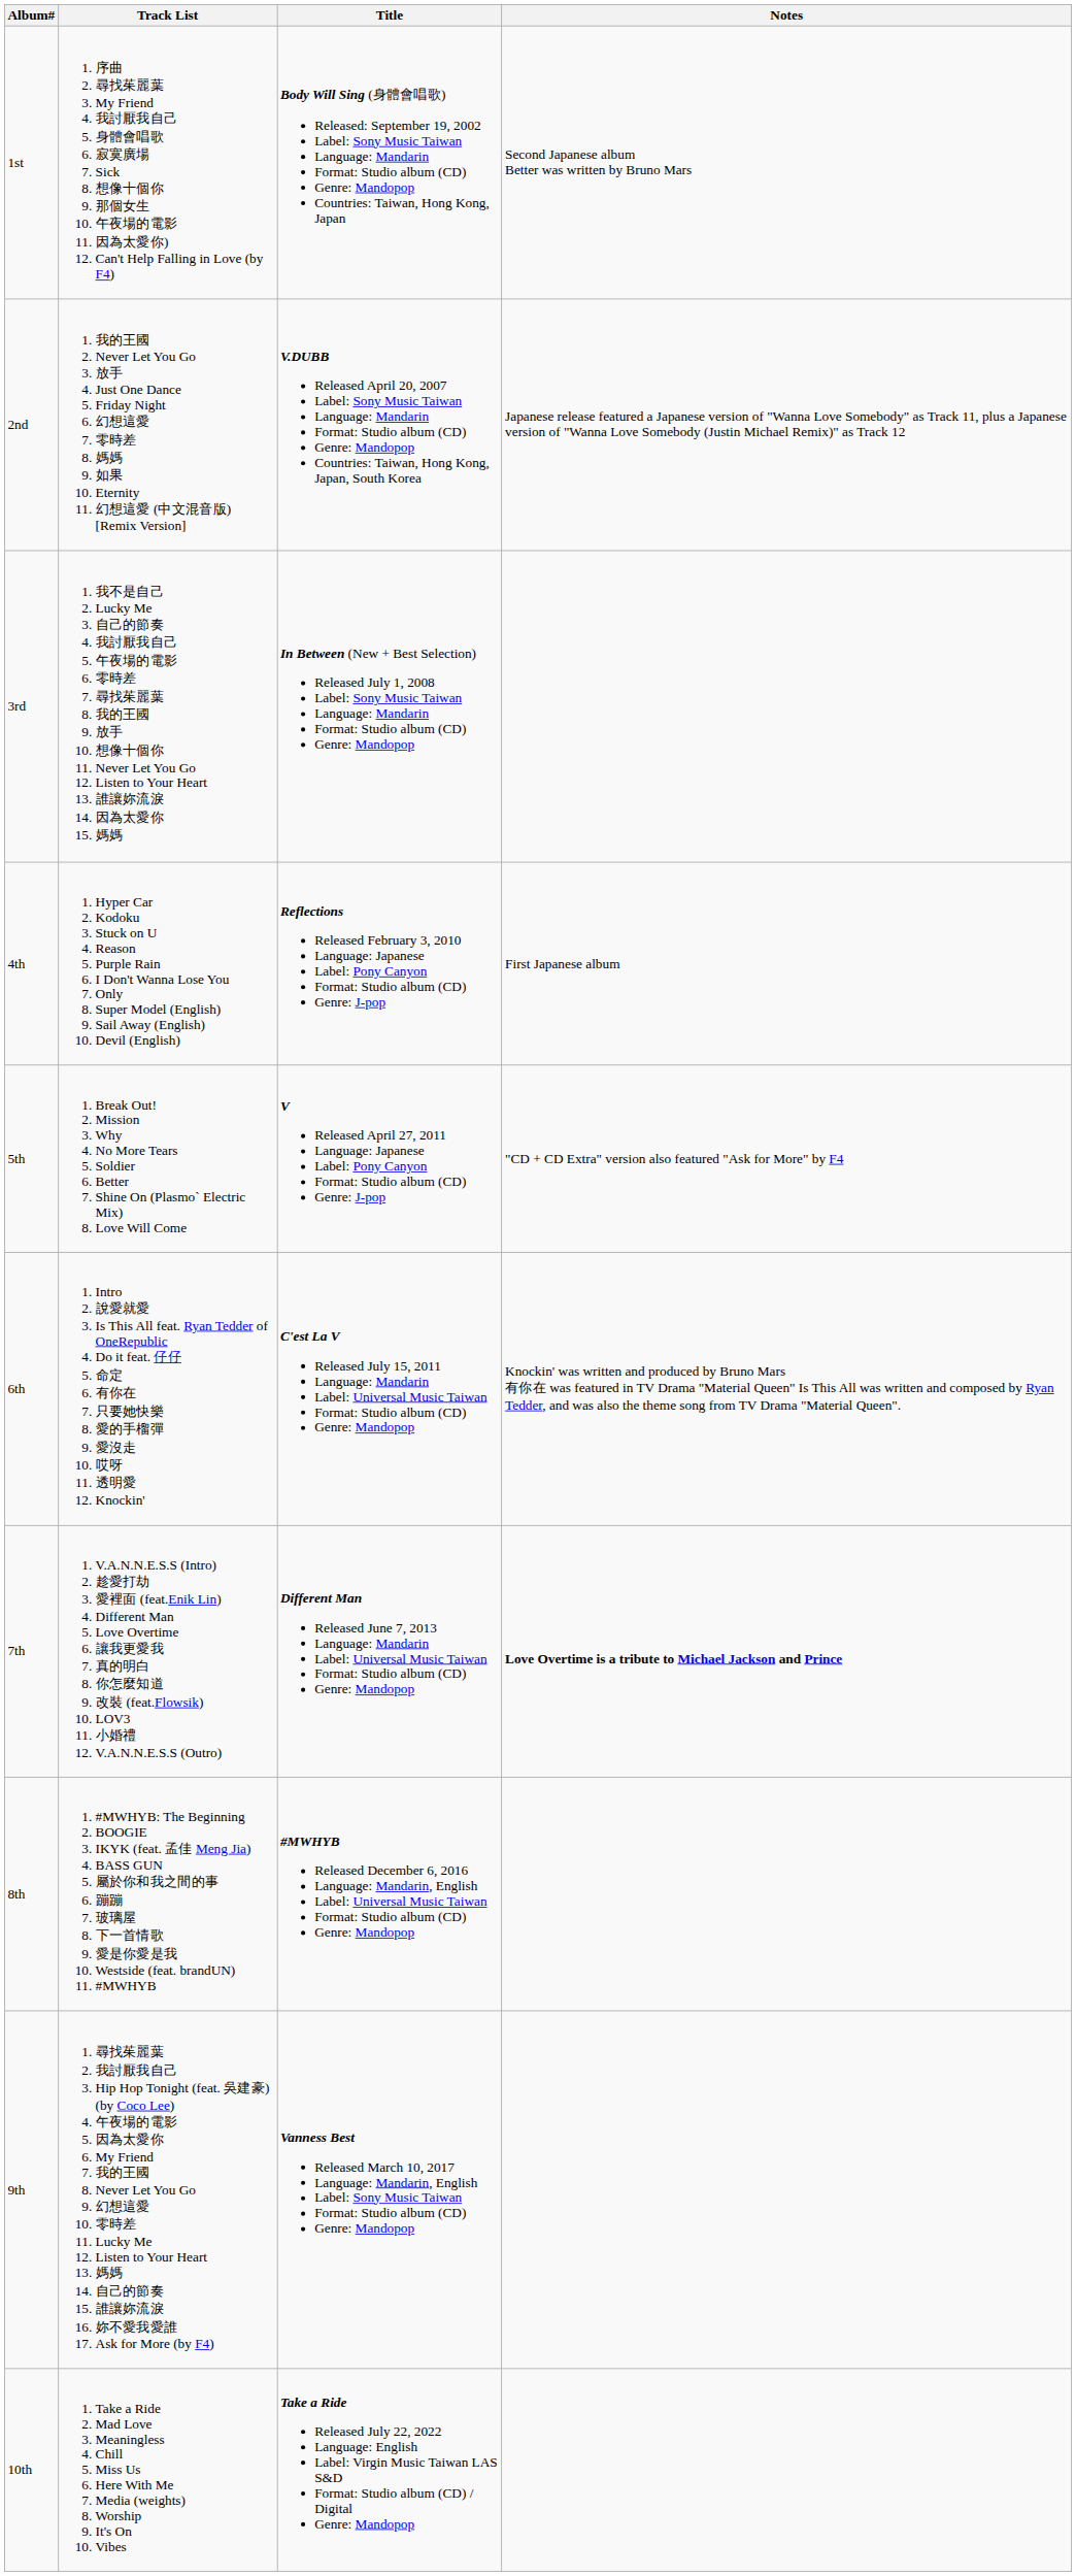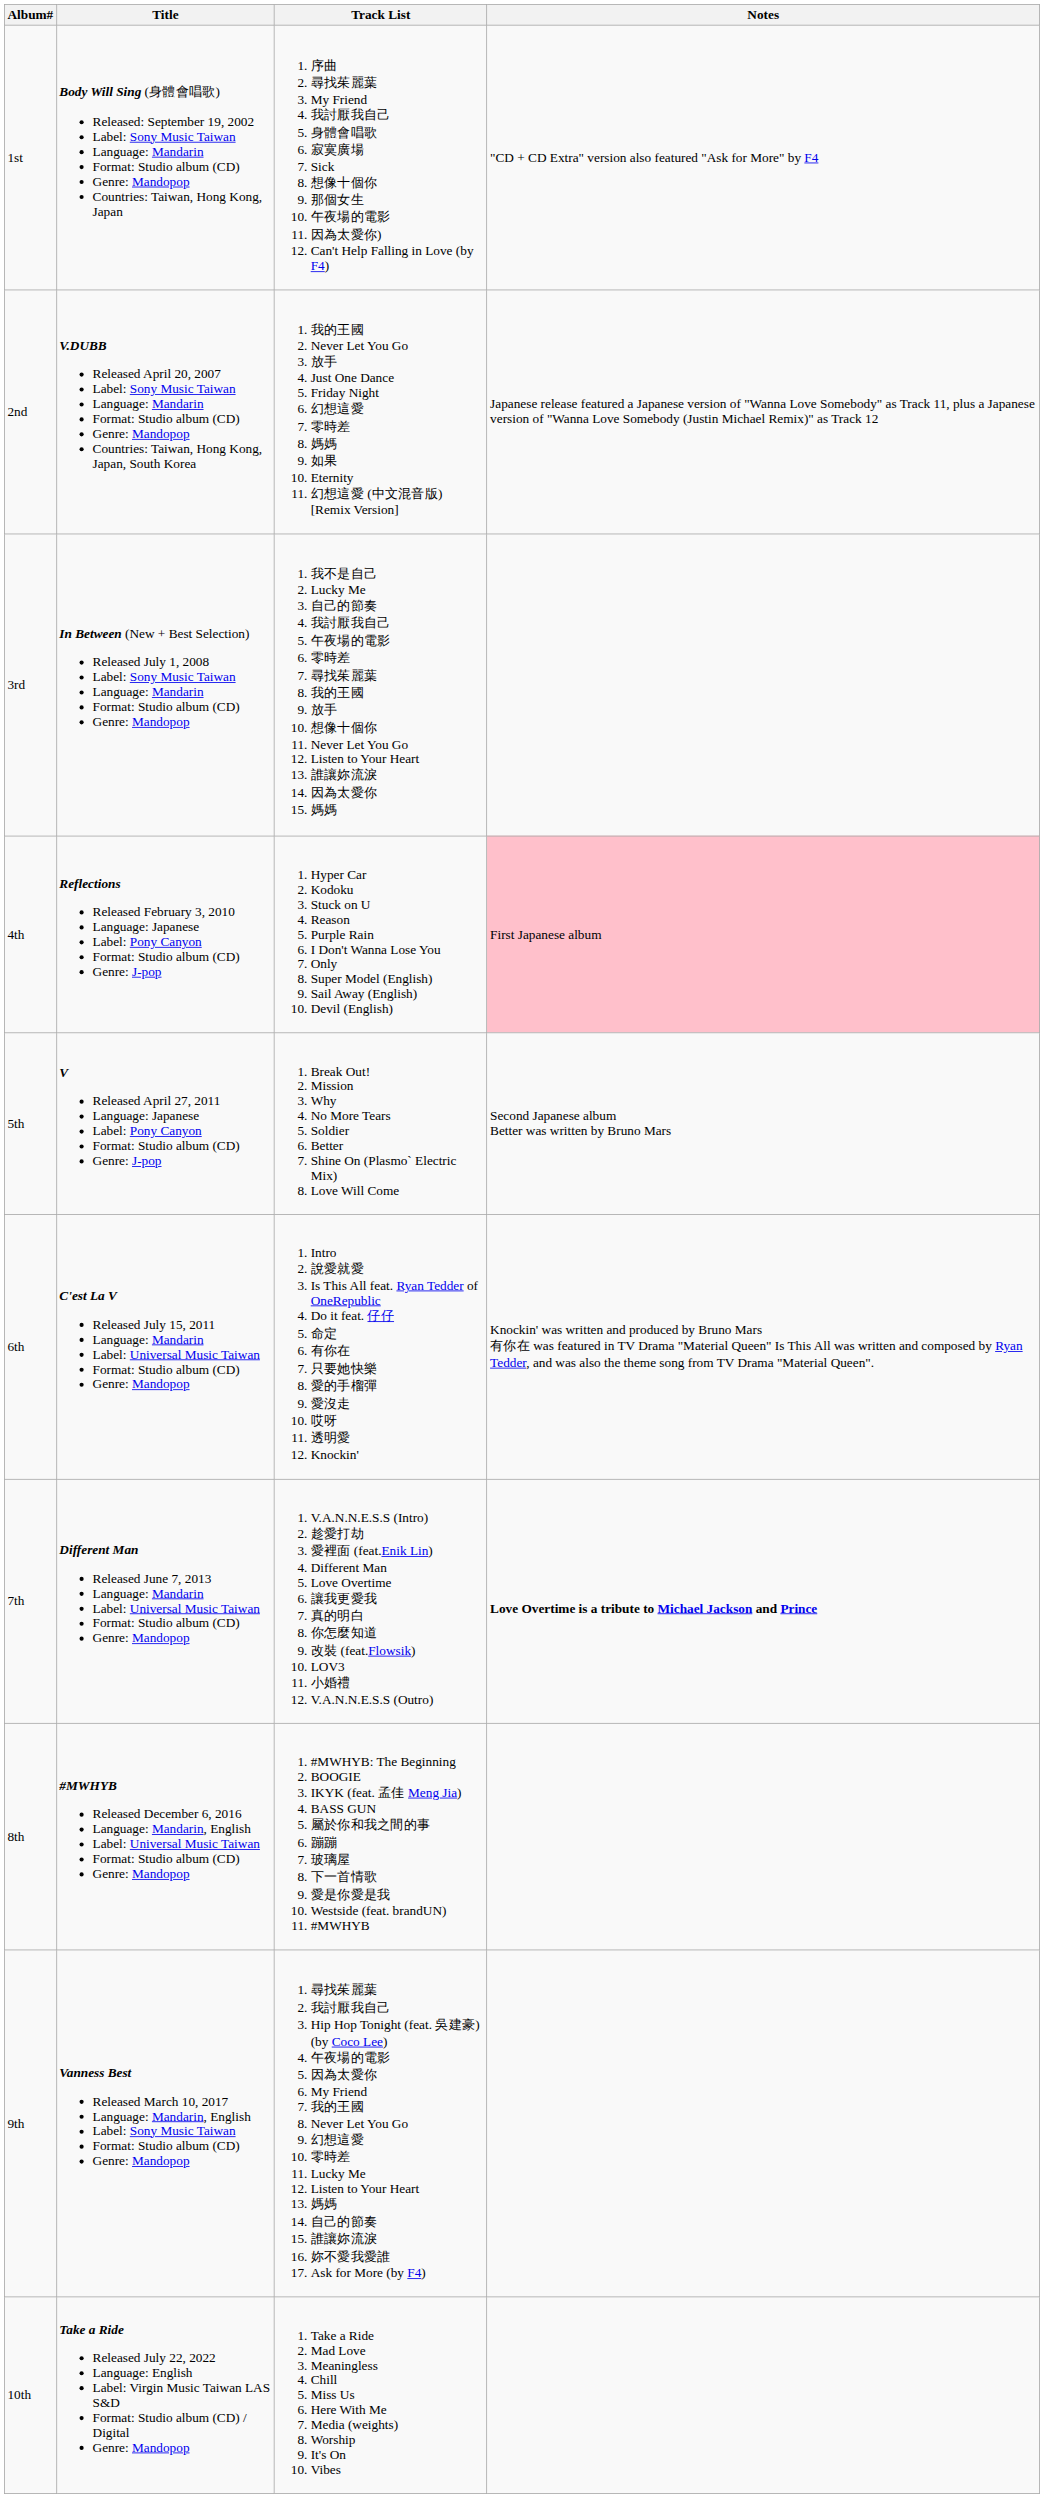 <table class="wikitable">
 <tr>
 <th>Album#</th>
+<th>Title</th>
 <th>Track List</th>
-<th>Title</th>
 <th>Notes</th>
 </tr>
 <tr>
 <td>1st</td>
+<td><strong><em>Body Will Sing</em></strong> (身體會唱歌)<br><ul><li>Released: September 19, 2002</li><li>Label: <a href='#'>Sony Music Taiwan</a></li><li>Language: <a href='#'>Mandarin</a></li><li>Format: Studio album (CD)</li><li>Genre: <a href='#'>Mandopop</a></li><li>Countries: Taiwan, Hong Kong, Japan</li></ul></td>
 <td><br><ol><li>序曲</li><li>尋找茱麗葉</li><li>My Friend</li><li>我討厭我自己</li><li>身體會唱歌</li><li>寂寞廣場</li><li>Sick</li><li>想像十個你</li><li>那個女生</li><li>午夜場的電影</li><li>因為太愛你)</li><li>Can't Help Falling in Love (by <a href='#'>F4</a>)</li></ol></td>
-<td><strong><em>Body Will Sing</em></strong> (身體會唱歌)<br><ul><li>Released: September 19, 2002</li><li>Label: <a href='#'>Sony Music Taiwan</a></li><li>Language: <a href='#'>Mandarin</a></li><li>Format: Studio album (CD)</li><li>Genre: <a href='#'>Mandopop</a></li><li>Countries: Taiwan, Hong Kong, Japan</li></ul></td>
-<td>Second Japanese album<br>Better was written by Bruno Mars</td>
+<td>"CD + CD Extra" version also featured "Ask for More" by <a href='#'>F4</a></td>
 </tr>
 <tr>
 <td>2nd</td>
+<td><strong><em>V.DUBB</em></strong><br><ul><li>Released April 20, 2007</li><li>Label: <a href='#'>Sony Music Taiwan</a></li><li>Language: <a href='#'>Mandarin</a></li><li>Format: Studio album (CD)</li><li>Genre: <a href='#'>Mandopop</a></li><li>Countries: Taiwan, Hong Kong, Japan, South Korea</li></ul></td>
 <td><br><ol><li>我的王國</li><li>Never Let You Go</li><li>放手</li><li>Just One Dance</li><li>Friday Night</li><li>幻想這愛</li><li>零時差</li><li>媽媽</li><li>如果</li><li>Eternity</li><li>幻想這愛 (中文混音版) [Remix Version]</li></ol></td>
-<td><strong><em>V.DUBB</em></strong><br><ul><li>Released April 20, 2007</li><li>Label: <a href='#'>Sony Music Taiwan</a></li><li>Language: <a href='#'>Mandarin</a></li><li>Format: Studio album (CD)</li><li>Genre: <a href='#'>Mandopop</a></li><li>Countries: Taiwan, Hong Kong, Japan, South Korea</li></ul></td>
 <td>Japanese release featured a Japanese version of "Wanna Love Somebody" as Track 11, plus a Japanese version of "Wanna Love Somebody (Justin Michael Remix)" as Track 12</td>
 </tr>
 <tr>
 <td>3rd</td>
+<td><strong><em>In Between</em></strong> (New + Best Selection)<br><ul><li>Released July 1, 2008</li><li>Label: <a href='#'>Sony Music Taiwan</a></li><li>Language: <a href='#'>Mandarin</a></li><li>Format: Studio album (CD)</li><li>Genre: <a href='#'>Mandopop</a></li></ul></td>
 <td><br><ol><li>我不是自己</li><li>Lucky Me</li><li>自己的節奏</li><li>我討厭我自己</li><li>午夜場的電影</li><li>零時差</li><li>尋找茱麗葉</li><li>我的王國</li><li>放手</li><li>想像十個你</li><li>Never Let You Go</li><li>Listen to Your Heart</li><li>誰讓妳流淚</li><li>因為太愛你</li><li>媽媽</li></ol></td>
-<td><strong><em>In Between</em></strong> (New + Best Selection)<br><ul><li>Released July 1, 2008</li><li>Label: <a href='#'>Sony Music Taiwan</a></li><li>Language: <a href='#'>Mandarin</a></li><li>Format: Studio album (CD)</li><li>Genre: <a href='#'>Mandopop</a></li></ul></td>
 <td></td>
 </tr>
 <tr>
 <td>4th</td>
+<td><strong><em>Reflections</em></strong><br><ul><li>Released February 3, 2010</li><li>Language: Japanese</li><li>Label: <a href='#'>Pony Canyon</a></li><li>Format: Studio album (CD)</li><li>Genre: <a href='#'>J-pop</a></li></ul></td>
 <td><br><ol><li>Hyper Car</li><li>Kodoku</li><li>Stuck on U</li><li>Reason</li><li>Purple Rain</li><li>I Don't Wanna Lose You</li><li>Only</li><li>Super Model (English)</li><li>Sail Away (English)</li><li>Devil (English)</li></ol></td>
-<td><strong><em>Reflections</em></strong><br><ul><li>Released February 3, 2010</li><li>Language: Japanese</li><li>Label: <a href='#'>Pony Canyon</a></li><li>Format: Studio album (CD)</li><li>Genre: <a href='#'>J-pop</a></li></ul></td>
-<td>First Japanese album</td>
+<td style="background: pink;">First Japanese album</td>
 </tr>
 <tr>
 <td>5th</td>
+<td><strong><em>V</em></strong><br><ul><li>Released April 27, 2011</li><li>Language: Japanese</li><li>Label: <a href='#'>Pony Canyon</a></li><li>Format: Studio album (CD)</li><li>Genre: <a href='#'>J-pop</a></li></ul></td>
 <td><br><ol><li>Break Out!</li><li>Mission</li><li>Why</li><li>No More Tears</li><li>Soldier</li><li>Better</li><li>Shine On (Plasmo` Electric Mix)</li><li>Love Will Come</li></ol></td>
-<td><strong><em>V</em></strong><br><ul><li>Released April 27, 2011</li><li>Language: Japanese</li><li>Label: <a href='#'>Pony Canyon</a></li><li>Format: Studio album (CD)</li><li>Genre: <a href='#'>J-pop</a></li></ul></td>
-<td>"CD + CD Extra" version also featured "Ask for More" by <a href='#'>F4</a></td>
+<td>Second Japanese album<br>Better was written by Bruno Mars</td>
 </tr>
 <tr>
 <td>6th</td>
+<td><strong><em>C'est La V</em></strong><br><ul><li>Released July 15, 2011</li><li>Language: <a href='#'>Mandarin</a></li><li>Label: <a href='#'>Universal Music Taiwan</a></li><li>Format: Studio album (CD)</li><li>Genre: <a href='#'>Mandopop</a></li></ul></td>
 <td><br><ol><li>Intro</li><li>說愛就愛</li><li>Is This All feat. <a href='#'>Ryan Tedder</a> of <a href='#'>OneRepublic</a></li><li>Do it feat. <a href='#'>仔仔</a></li><li>命定</li><li>有你在</li><li>只要她快樂</li><li>愛的手榴彈</li><li>愛沒走</li><li>哎呀</li><li>透明愛</li><li>Knockin'</li></ol></td>
-<td><strong><em>C'est La V</em></strong><br><ul><li>Released July 15, 2011</li><li>Language: <a href='#'>Mandarin</a></li><li>Label: <a href='#'>Universal Music Taiwan</a></li><li>Format: Studio album (CD)</li><li>Genre: <a href='#'>Mandopop</a></li></ul></td>
 <td>Knockin' was written and produced by Bruno Mars<br>有你在 was featured in TV Drama "Material Queen" Is This All was written and composed by <a href='#'>Ryan Tedder</a>, and was also the theme song from TV Drama "Material Queen".</td>
 </tr>
 <tr>
 <td>7th</td>
+<td><strong><em>Different Man</em></strong><br><ul><li>Released June 7, 2013</li><li>Language: <a href='#'>Mandarin</a></li><li>Label: <a href='#'>Universal Music Taiwan</a></li><li>Format: Studio album (CD)</li><li>Genre: <a href='#'>Mandopop</a></li></ul></td>
 <td><br><ol><li>V.A.N.N.E.S.S (Intro)</li><li>趁愛打劫</li><li>愛裡面 (feat.<a href='#'>Enik Lin</a>)</li><li>Different Man</li><li>Love Overtime</li><li>讓我更愛我</li><li>真的明白</li><li>你怎麼知道</li><li>改裝 (feat.<a href='#'>Flowsik</a>)</li><li>LOV3</li><li>小婚禮</li><li>V.A.N.N.E.S.S (Outro)</li></ol></td>
-<td><strong><em>Different Man</em></strong><br><ul><li>Released June 7, 2013</li><li>Language: <a href='#'>Mandarin</a></li><li>Label: <a href='#'>Universal Music Taiwan</a></li><li>Format: Studio album (CD)</li><li>Genre: <a href='#'>Mandopop</a></li></ul></td>
 <td><strong><br>Love Overtime is a tribute to <a href='#'>Michael Jackson</a> and <a href='#'>Prince</a></strong></td>
 </tr>
 <tr>
 <td>8th</td>
+<td><strong><em>#MWHYB</em></strong><br><ul><li>Released December 6, 2016</li><li>Language:  <a href='#'>Mandarin</a>, English</li><li>Label: <a href='#'>Universal Music Taiwan</a></li><li>Format: Studio album (CD)</li><li>Genre: <a href='#'>Mandopop</a></li></ul></td>
 <td><br><ol><li>#MWHYB: The Beginning</li><li>BOOGIE</li><li>IKYK (feat. 孟佳 <a href='#'>Meng Jia</a>)</li><li>BASS GUN</li><li>屬於你和我之間的事</li><li>蹦蹦</li><li>玻璃屋</li><li>下一首情歌</li><li>愛是你愛是我</li><li>Westside (feat. brandUN)</li><li>#MWHYB</li></ol></td>
-<td><strong><em>#MWHYB</em></strong><br><ul><li>Released December 6, 2016</li><li>Language:  <a href='#'>Mandarin</a>, English</li><li>Label: <a href='#'>Universal Music Taiwan</a></li><li>Format: Studio album (CD)</li><li>Genre: <a href='#'>Mandopop</a></li></ul></td>
 <td></td>
 </tr>
 <tr>
 <td>9th</td>
+<td><strong><em>Vanness Best</em></strong><br><ul><li>Released March 10, 2017</li><li>Language:  <a href='#'>Mandarin</a>, English</li><li>Label: <a href='#'>Sony Music Taiwan</a></li><li>Format: Studio album (CD)</li><li>Genre: <a href='#'>Mandopop</a></li></ul></td>
 <td><br><ol><li>尋找茱麗葉</li><li>我討厭我自己</li><li>Hip Hop Tonight (feat. 吳建豪) (by <a href='#'>Coco Lee</a>)</li><li>午夜場的電影</li><li>因為太愛你</li><li>My Friend</li><li>我的王國</li><li>Never Let You Go</li><li>幻想這愛</li><li>零時差</li><li>Lucky Me</li><li>Listen to Your Heart</li><li>媽媽</li><li>自己的節奏</li><li>誰讓妳流淚</li><li>妳不愛我愛誰</li><li>Ask for More (by <a href='#'>F4</a>)</li></ol></td>
-<td><strong><em>Vanness Best</em></strong><br><ul><li>Released March 10, 2017</li><li>Language:  <a href='#'>Mandarin</a>, English</li><li>Label: <a href='#'>Sony Music Taiwan</a></li><li>Format: Studio album (CD)</li><li>Genre: <a href='#'>Mandopop</a></li></ul></td>
 <td></td>
 </tr>
 <tr>
 <td>10th</td>
+<td><strong><em>Take a Ride</em></strong><br><ul><li>Released July 22, 2022</li><li>Language: English</li><li>Label: Virgin Music Taiwan LAS S&D</li><li>Format: Studio album (CD) / Digital</li><li>Genre: <a href='#'>Mandopop</a></li></ul></td>
 <td><br><ol><li>Take a Ride</li><li>Mad Love</li><li>Meaningless</li><li>Chill</li><li>Miss Us</li><li>Here With Me</li><li>Media (weights)</li><li>Worship</li><li>It's On</li><li>Vibes</li></ol></td>
-<td><strong><em>Take a Ride</em></strong><br><ul><li>Released July 22, 2022</li><li>Language: English</li><li>Label: Virgin Music Taiwan LAS S&D</li><li>Format: Studio album (CD) / Digital</li><li>Genre: <a href='#'>Mandopop</a></li></ul></td>
 <td></td>
 </tr>
 </table>
